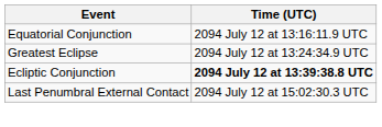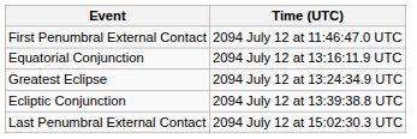 <table class="wikitable">
 <tr>
 <th>Event</th>
 <th>Time (UTC)</th>
+</tr>
+<tr>
+<td>First Penumbral External Contact</td>
+<td>2094 July 12 at 11:46:47.0 UTC</td>
 </tr>
 <tr>
 <td>Equatorial Conjunction</td>
 <td>2094 July 12 at 13:16:11.9 UTC</td>
 </tr>
 <tr>
 <td>Greatest Eclipse</td>
 <td>2094 July 12 at 13:24:34.9 UTC</td>
 </tr>
 <tr>
 <td>Ecliptic Conjunction</td>
-<td><strong>2094 July 12 at 13:39:38.8 UTC</strong></td>
+<td>2094 July 12 at 13:39:38.8 UTC</td>
 </tr>
 <tr>
 <td>Last Penumbral External Contact</td>
 <td>2094 July 12 at 15:02:30.3 UTC</td>
 </tr>
 </table>
